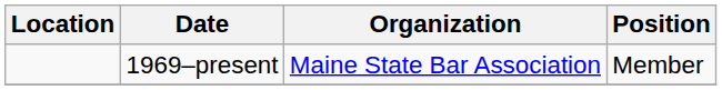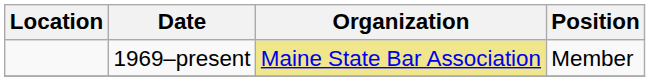 <table class="wikitable";">
 <tr>
 <th>Location</th>
 <th>Date</th>
 <th>Organization</th>
 <th>Position</th>
 </tr>
 <tr>
 <td></td>
 <td>1969–present</td>
-<td><a href='#'>Maine State Bar Association</a></td>
+<td style="background: khaki;"><a href='#'>Maine State Bar Association</a></td>
 <td>Member</td>
 </tr>
 <tr>
 </tr>
 </table>
